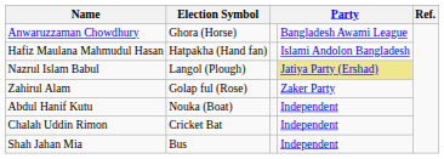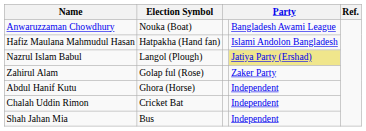 <table class="wikitable">
 <tr>
 <th colspan="1">Name</th>
 <th>Election Symbol</th>
 <th class="unsortable"> </th>
 <th style="border-left-style:hidden; padding:0.1em 0;"><a href='#'>Party</a></th>
 <th>Ref.</th>
 </tr>
 <tr>
 <td><a href='#'>Anwaruzzaman Chowdhury</a></td>
-<td>Ghora (Horse)</td>
+<td>Nouka (Boat)</td>
 <td></td>
 <td><a href='#'>Bangladesh Awami League</a></td>
 <td rowspan="7"></td>
 </tr>
 <tr>
 <td>Hafiz Maulana Mahmudul Hasan</td>
 <td>Hatpakha (Hand fan)</td>
 <td></td>
 <td><a href='#'>Islami Andolon Bangladesh</a></td>
 </tr>
 <tr>
 <td>Nazrul Islam Babul</td>
 <td>Langol (Plough)</td>
 <td></td>
 <td style="background: khaki;"><a href='#'>Jatiya Party (Ershad)</a></td>
 </tr>
 <tr>
 <td>Zahirul Alam</td>
 <td>Golap ful (Rose)</td>
 <td></td>
 <td><a href='#'>Zaker Party</a></td>
 </tr>
 <tr>
 <td>Abdul Hanif Kutu</td>
-<td>Nouka (Boat)</td>
+<td>Ghora (Horse)</td>
 <td></td>
 <td><a href='#'>Independent</a></td>
 </tr>
 <tr>
 <td>Chalah Uddin Rimon</td>
 <td>Cricket Bat</td>
 <td></td>
 <td><a href='#'>Independent</a></td>
 </tr>
 <tr>
 <td>Shah Jahan Mia</td>
 <td>Bus</td>
 <td></td>
 <td><a href='#'>Independent</a></td>
 </tr>
 </table>
